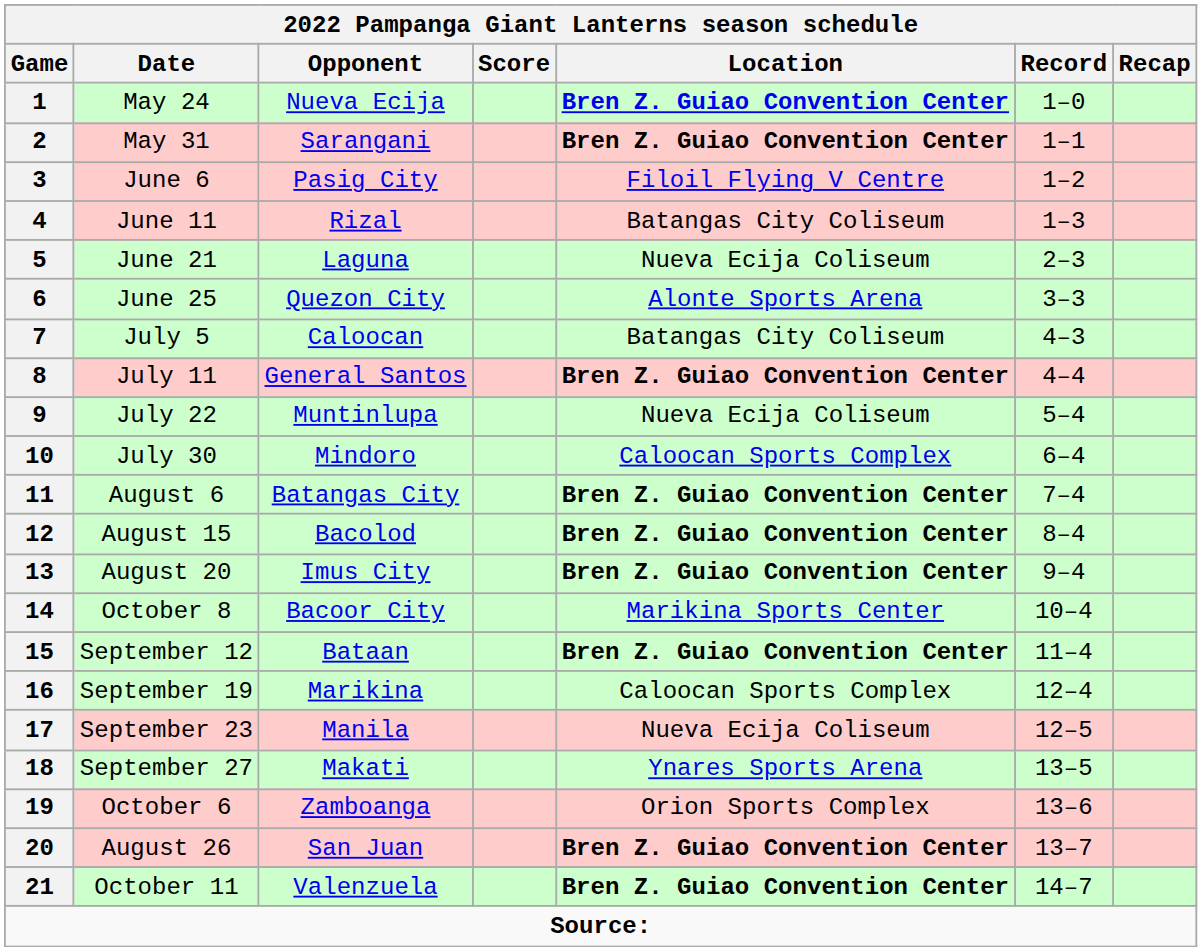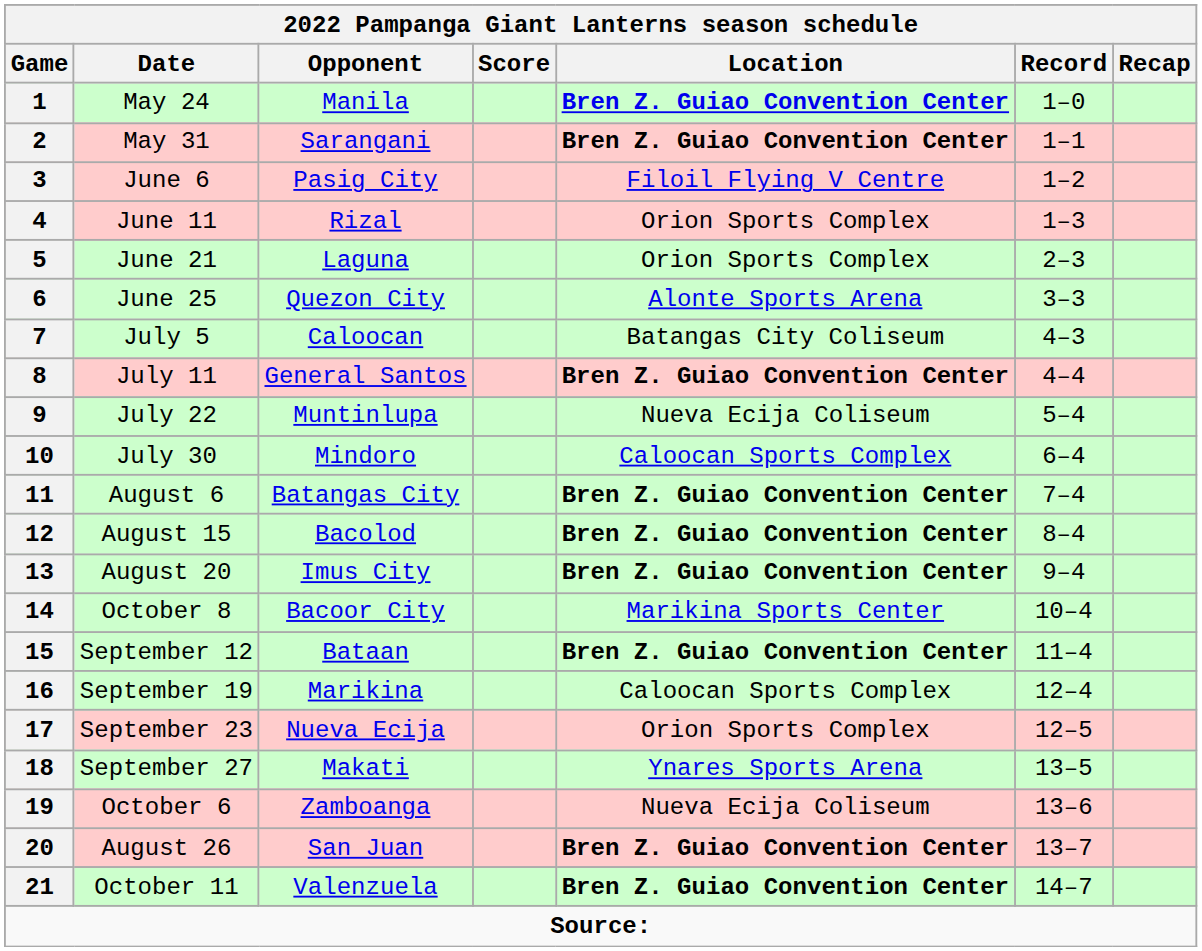 <table class="wikitable" style="text-align:center">
 <tr>
 <th colspan=7>2022 Pampanga Giant Lanterns season schedule</th>
 </tr>
 <tr>
 <th>Game</th>
 <th>Date</th>
 <th>Opponent</th>
 <th>Score</th>
 <th>Location</th>
 <th>Record</th>
 <th>Recap<br></th>
 </tr>
 <tr style="background:#cfc">
 <th>1</th>
 <td>May 24</td>
-<td><a href='#'>Nueva Ecija</a></td>
+<td><a href='#'>Manila</a></td>
 <td></td>
 <td><strong><a href='#'>Bren Z. Guiao Convention Center</a></strong></td>
 <td>1–0</td>
 <td></td>
 </tr>
 <tr style="background:#fcc">
 <th>2</th>
 <td>May 31</td>
 <td><a href='#'>Sarangani</a></td>
 <td></td>
 <td><strong>Bren Z. Guiao Convention Center</strong></td>
 <td>1–1</td>
 <td></td>
 </tr>
 <tr style="background:#fcc">
 <th>3</th>
 <td>June 6</td>
 <td><a href='#'>Pasig City</a></td>
 <td></td>
 <td><a href='#'>Filoil Flying V Centre</a></td>
 <td>1–2</td>
 <td></td>
 </tr>
 <tr style="background:#fcc">
 <th>4</th>
 <td>June 11</td>
 <td><a href='#'>Rizal</a></td>
 <td></td>
-<td>Batangas City Coliseum</td>
+<td>Orion Sports Complex</td>
 <td>1–3</td>
 <td></td>
 </tr>
 <tr style="background:#cfc">
 <th>5</th>
 <td>June 21</td>
 <td><a href='#'>Laguna</a></td>
 <td></td>
-<td>Nueva Ecija Coliseum</td>
+<td>Orion Sports Complex</td>
 <td>2–3</td>
 <td></td>
 </tr>
 <tr style="background:#cfc">
 <th>6</th>
 <td>June 25</td>
 <td><a href='#'>Quezon City</a></td>
 <td></td>
 <td><a href='#'>Alonte Sports Arena</a></td>
 <td>3–3</td>
 <td></td>
 </tr>
 <tr style="background:#cfc">
 <th>7</th>
 <td>July 5</td>
 <td><a href='#'>Caloocan</a></td>
 <td></td>
 <td>Batangas City Coliseum</td>
 <td>4–3</td>
 <td><br></td>
 </tr>
 <tr style="background:#fcc">
 <th>8</th>
 <td>July 11</td>
 <td><a href='#'>General Santos</a></td>
 <td></td>
 <td><strong>Bren Z. Guiao Convention Center</strong></td>
 <td>4–4</td>
 <td></td>
 </tr>
 <tr style="background:#cfc">
 <th>9</th>
 <td>July 22</td>
 <td><a href='#'>Muntinlupa</a></td>
 <td></td>
 <td>Nueva Ecija Coliseum</td>
 <td>5–4</td>
 <td></td>
 </tr>
 <tr style="background:#cfc">
 <th>10</th>
 <td>July 30</td>
 <td><a href='#'>Mindoro</a></td>
 <td></td>
 <td><a href='#'>Caloocan Sports Complex</a></td>
 <td>6–4</td>
 <td></td>
 </tr>
 <tr style="background:#cfc">
 <th>11</th>
 <td>August 6</td>
 <td><a href='#'>Batangas City</a></td>
 <td></td>
 <td><strong>Bren Z. Guiao Convention Center</strong></td>
 <td>7–4</td>
 <td></td>
 </tr>
 <tr style="background:#cfc">
 <th>12</th>
 <td>August 15</td>
 <td><a href='#'>Bacolod</a></td>
 <td></td>
 <td><strong>Bren Z. Guiao Convention Center</strong></td>
 <td>8–4</td>
 <td></td>
 </tr>
 <tr style="background:#cfc">
 <th>13</th>
 <td>August 20</td>
 <td><a href='#'>Imus City</a></td>
 <td></td>
 <td><strong>Bren Z. Guiao Convention Center</strong></td>
 <td>9–4</td>
 <td></td>
 </tr>
 <tr style="background:#cfc">
 <th>14</th>
 <td>October 8</td>
 <td><a href='#'>Bacoor City</a></td>
 <td></td>
 <td><a href='#'>Marikina Sports Center</a></td>
 <td>10–4</td>
 <td><br></td>
 </tr>
 <tr style="background:#cfc">
 <th>15</th>
 <td>September 12</td>
 <td><a href='#'>Bataan</a></td>
 <td></td>
 <td><strong>Bren Z. Guiao Convention Center</strong></td>
 <td>11–4</td>
 <td></td>
 </tr>
 <tr style="background:#cfc">
 <th>16</th>
 <td>September 19</td>
 <td><a href='#'>Marikina</a></td>
 <td></td>
 <td>Caloocan Sports Complex</td>
 <td>12–4</td>
 <td></td>
 </tr>
 <tr style="background:#fcc">
 <th>17</th>
 <td>September 23</td>
-<td><a href='#'>Manila</a></td>
+<td><a href='#'>Nueva Ecija</a></td>
 <td></td>
-<td>Nueva Ecija Coliseum</td>
+<td>Orion Sports Complex</td>
 <td>12–5</td>
 <td></td>
 </tr>
 <tr style="background:#cfc">
 <th>18</th>
 <td>September 27</td>
 <td><a href='#'>Makati</a></td>
 <td></td>
 <td><a href='#'>Ynares Sports Arena</a></td>
 <td>13–5</td>
 <td></td>
 </tr>
 <tr style="background:#fcc">
 <th>19</th>
 <td>October 6</td>
 <td><a href='#'>Zamboanga</a></td>
 <td></td>
-<td>Orion Sports Complex</td>
+<td>Nueva Ecija Coliseum</td>
 <td>13–6</td>
 <td></td>
 </tr>
 <tr style="background:#fcc">
 <th>20</th>
 <td>August 26</td>
 <td><a href='#'>San Juan</a></td>
 <td></td>
 <td><strong>Bren Z. Guiao Convention Center</strong></td>
 <td>13–7</td>
 <td></td>
 </tr>
 <tr style="background:#cfc">
 <th>21</th>
 <td>October 11</td>
 <td><a href='#'>Valenzuela</a></td>
 <td></td>
 <td><strong>Bren Z. Guiao Convention Center</strong></td>
 <td>14–7</td>
 <td></td>
 </tr>
 <tr>
 <td colspan=7 align=center><strong>Source: </strong></td>
 </tr>
 </table>
